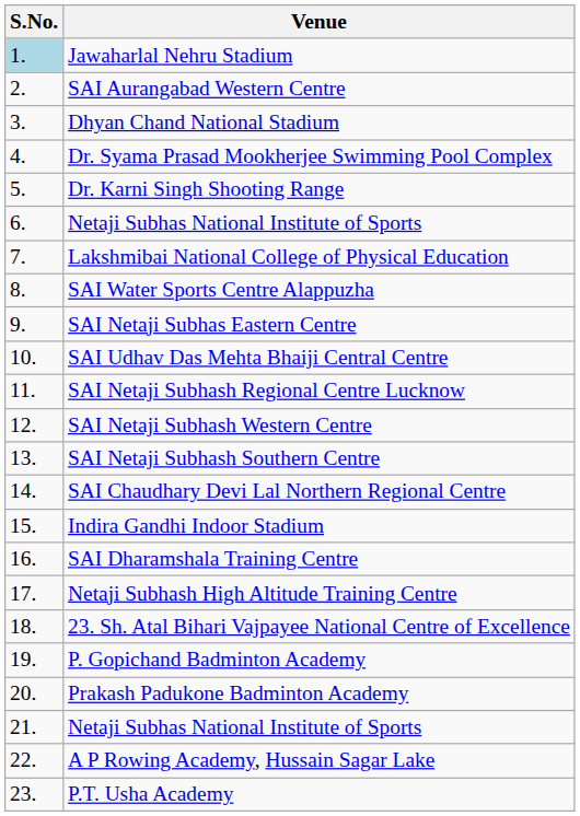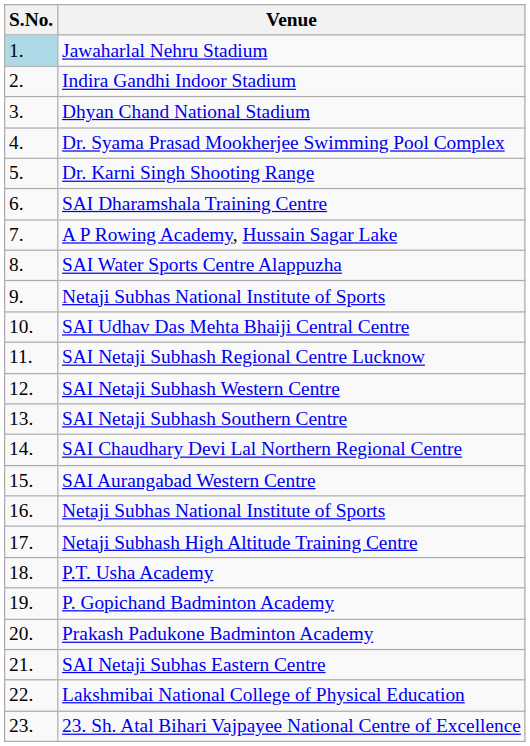 <table class="wikitable">
 <tr>
 <th>S.No.</th>
 <th>Venue</th>
 </tr>
 <tr>
 <td style="background: lightblue;">1.</td>
 <td><a href='#'>Jawaharlal Nehru Stadium</a></td>
 </tr>
 <tr>
 <td>2.</td>
-<td><a href='#'>SAI Aurangabad Western Centre</a></td>
+<td><a href='#'>Indira Gandhi Indoor Stadium</a></td>
 </tr>
 <tr>
 <td>3.</td>
 <td><a href='#'>Dhyan Chand National Stadium</a></td>
 </tr>
 <tr>
 <td>4.</td>
 <td><a href='#'>Dr. Syama Prasad Mookherjee Swimming Pool Complex</a></td>
 </tr>
 <tr>
 <td>5.</td>
 <td><a href='#'>Dr. Karni Singh Shooting Range</a></td>
 </tr>
 <tr>
 <td>6.</td>
-<td><a href='#'>Netaji Subhas National Institute of Sports</a></td>
+<td><a href='#'>SAI Dharamshala Training Centre</a></td>
 </tr>
 <tr>
 <td>7.</td>
-<td><a href='#'>Lakshmibai National College of Physical Education</a></td>
+<td><a href='#'>A P Rowing Academy</a>, <a href='#'>Hussain Sagar Lake</a></td>
 </tr>
 <tr>
 <td>8.</td>
 <td><a href='#'>SAI Water Sports Centre Alappuzha</a></td>
 </tr>
 <tr>
 <td>9.</td>
-<td><a href='#'>SAI Netaji Subhas Eastern Centre</a></td>
+<td><a href='#'>Netaji Subhas National Institute of Sports</a></td>
 </tr>
 <tr>
 <td>10.</td>
 <td><a href='#'>SAI Udhav Das Mehta Bhaiji Central Centre</a></td>
 </tr>
 <tr>
 <td>11.</td>
 <td><a href='#'>SAI Netaji Subhash Regional Centre Lucknow</a></td>
 </tr>
 <tr>
 <td>12.</td>
 <td><a href='#'>SAI Netaji Subhash Western Centre</a></td>
 </tr>
 <tr>
 <td>13.</td>
 <td><a href='#'>SAI Netaji Subhash Southern Centre</a></td>
 </tr>
 <tr>
 <td>14.</td>
 <td><a href='#'>SAI Chaudhary Devi Lal Northern Regional Centre</a></td>
 </tr>
 <tr>
 <td>15.</td>
-<td><a href='#'>Indira Gandhi Indoor Stadium</a></td>
+<td><a href='#'>SAI Aurangabad Western Centre</a></td>
 </tr>
 <tr>
 <td>16.</td>
-<td><a href='#'>SAI Dharamshala Training Centre</a></td>
+<td><a href='#'>Netaji Subhas National Institute of Sports</a></td>
 </tr>
 <tr>
 <td>17.</td>
 <td><a href='#'>Netaji Subhash High Altitude Training Centre</a></td>
 </tr>
 <tr>
 <td>18.</td>
-<td><a href='#'>23. Sh. Atal Bihari Vajpayee National Centre of Excellence</a></td>
+<td><a href='#'>P.T. Usha Academy</a></td>
 </tr>
 <tr>
 <td>19.</td>
 <td><a href='#'>P. Gopichand Badminton Academy</a></td>
 </tr>
 <tr>
 <td>20.</td>
 <td><a href='#'>Prakash Padukone Badminton Academy</a></td>
 </tr>
 <tr>
 <td>21.</td>
-<td><a href='#'>Netaji Subhas National Institute of Sports</a></td>
+<td><a href='#'>SAI Netaji Subhas Eastern Centre</a></td>
 </tr>
 <tr>
 <td>22.</td>
-<td><a href='#'>A P Rowing Academy</a>, <a href='#'>Hussain Sagar Lake</a></td>
+<td><a href='#'>Lakshmibai National College of Physical Education</a></td>
 </tr>
 <tr>
 <td>23.</td>
-<td><a href='#'>P.T. Usha Academy</a></td>
+<td><a href='#'>23. Sh. Atal Bihari Vajpayee National Centre of Excellence</a></td>
 </tr>
 <tr>
 </tr>
 </table>
